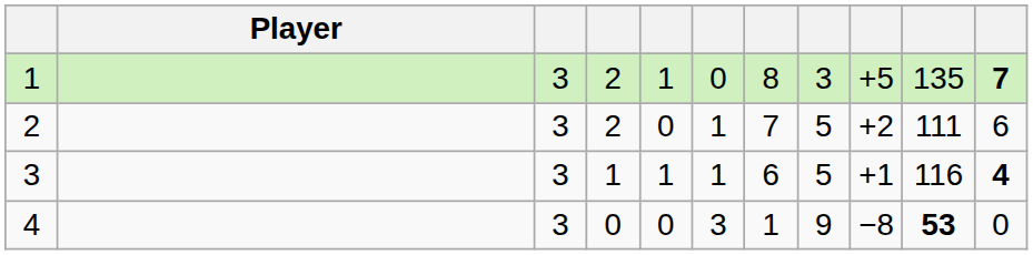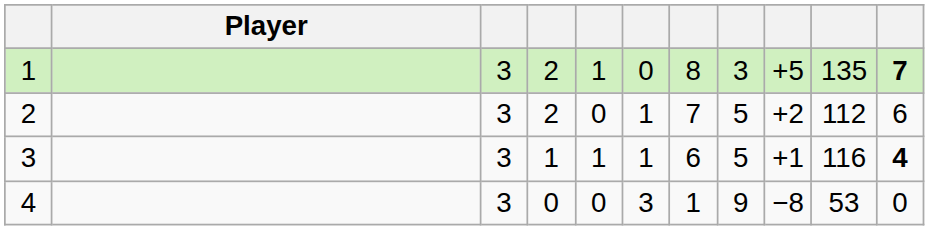 <table class="wikitable" style="text-align:center; margin: 1em auto 1em auto, align:left">
 <tr>
 <th width=20></th>
 <th width=240>Player</th>
 <th width=20></th>
 <th width=20></th>
 <th width=20></th>
 <th width=20></th>
 <th width=20></th>
 <th width=20></th>
 <th width=20></th>
 <th width=30></th>
 <th width=20></th>
 </tr>
 <tr style="background:#D0F0C0;">
 <td>1</td>
 <td align=left></td>
 <td>3</td>
 <td>2</td>
 <td>1</td>
 <td>0</td>
 <td>8</td>
 <td>3</td>
 <td>+5</td>
 <td>135</td>
 <td><strong>7</strong></td>
 </tr>
 <tr style=>
 <td>2</td>
 <td align=left></td>
 <td>3</td>
 <td>2</td>
 <td>0</td>
 <td>1</td>
 <td>7</td>
 <td>5</td>
 <td>+2</td>
-<td>111</td>
+<td>112</td>
 <td>6</td>
 </tr>
 <tr style=>
 <td>3</td>
 <td align=left></td>
 <td>3</td>
 <td>1</td>
 <td>1</td>
 <td>1</td>
 <td>6</td>
 <td>5</td>
 <td>+1</td>
 <td>116</td>
 <td><strong>4</strong></td>
 </tr>
 <tr style=>
 <td>4</td>
 <td align=left></td>
 <td>3</td>
 <td>0</td>
 <td>0</td>
 <td>3</td>
 <td>1</td>
 <td>9</td>
 <td>−8</td>
-<td><strong>53</strong></td>
+<td>53</td>
 <td>0</td>
 </tr>
 </table>
